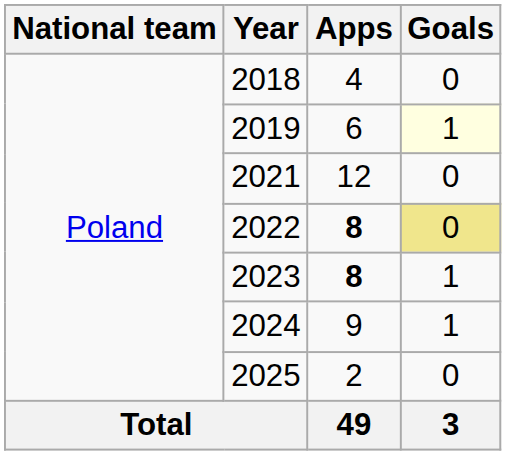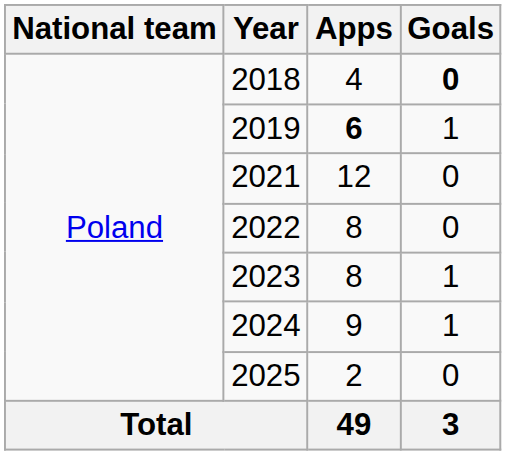 <table class="wikitable" style="text-align:center">
 <tr>
 <th>National team</th>
 <th>Year</th>
 <th>Apps</th>
 <th>Goals</th>
 </tr>
 <tr>
 <td rowspan="7"><a href='#'>Poland</a></td>
 <td>2018</td>
 <td>4</td>
-<td>0</td>
+<td><strong>0</strong></td>
 </tr>
 <tr>
 <td>2019</td>
-<td>6</td>
-<td style="background: lightyellow;">1</td>
+<td><strong>6</strong></td>
+<td>1</td>
 </tr>
 <tr>
 <td>2021</td>
 <td>12</td>
 <td>0</td>
 </tr>
 <tr>
 <td>2022</td>
-<td><strong>8</strong></td>
-<td style="background: khaki;">0</td>
+<td>8</td>
+<td>0</td>
 </tr>
 <tr>
 <td>2023</td>
-<td><strong>8</strong></td>
+<td>8</td>
 <td>1</td>
 </tr>
 <tr>
 <td>2024</td>
 <td>9</td>
 <td>1</td>
 </tr>
 <tr>
 <td>2025</td>
 <td>2</td>
 <td>0</td>
 </tr>
 <tr>
 <th colspan="2">Total</th>
 <th>49</th>
 <th>3</th>
 </tr>
 </table>
